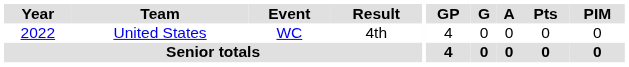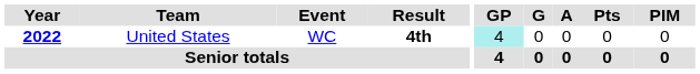 <table border="0" cellpadding="1" cellspacing="0" ID="Table3" style="text-align:center; width:40em;">
 <tr bgcolor="#e0e0e0">
 <th>Year</th>
 <th>Team</th>
 <th>Event</th>
 <th>Result</th>
 <th rowspan="98" bgcolor="#ffffff"></th>
 <th>GP</th>
 <th>G</th>
 <th>A</th>
 <th>Pts</th>
 <th>PIM</th>
 </tr>
 <tr>
-<td><a href='#'>2022</a></td>
+<td><strong><a href='#'>2022</a></strong></td>
 <td><a href='#'>United States</a></td>
 <td><a href='#'>WC</a></td>
-<td>4th</td>
-<td>4</td>
+<td><strong>4th</strong></td>
+<td style="background: paleturquoise;">4</td>
 <td>0</td>
 <td>0</td>
 <td>0</td>
 <td>0</td>
 </tr>
 <tr bgcolor="#e0e0e0">
 <th colspan="4">Senior totals</th>
 <th>4</th>
 <th>0</th>
 <th>0</th>
 <th>0</th>
 <th>0</th>
 </tr>
 </table>
